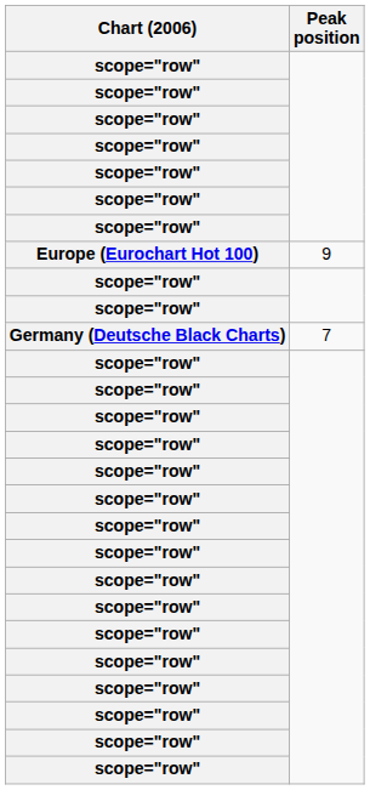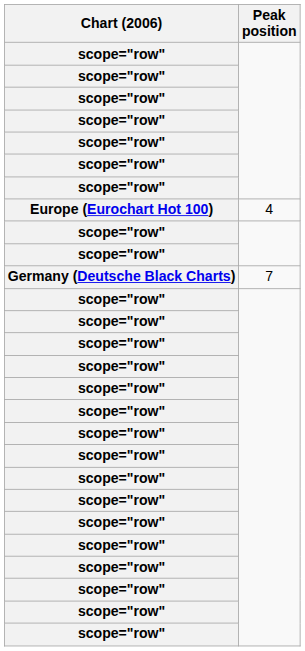 <table class="wikitable sortable plainrowheaders" style="text-align:center">
 <tr>
 <th>Chart (2006)</th>
 <th>Peak<br>position</th>
 </tr>
 <tr>
 <th>scope="row" </th>
 </tr>
 <tr>
 <th>scope="row" </th>
 </tr>
 <tr>
 <th>scope="row" </th>
 </tr>
 <tr>
 <th>scope="row" </th>
 </tr>
 <tr>
 <th>scope="row" </th>
 </tr>
 <tr>
 <th>scope="row" </th>
 </tr>
 <tr>
 <th>scope="row" </th>
 </tr>
 <tr>
 <th scope="row">Europe (<a href='#'>Eurochart Hot 100</a>)</th>
-<td>9</td>
+<td>4</td>
 </tr>
 <tr>
 <th>scope="row" </th>
 </tr>
 <tr>
 <th>scope="row" </th>
 </tr>
 <tr>
 <th scope="row">Germany (<a href='#'>Deutsche Black Charts</a>)</th>
 <td>7</td>
 </tr>
 <tr>
 <th>scope="row" </th>
 </tr>
 <tr>
 <th>scope="row" </th>
 </tr>
 <tr>
 <th>scope="row" </th>
 </tr>
 <tr>
 <th>scope="row" </th>
 </tr>
 <tr>
 <th>scope="row" </th>
 </tr>
 <tr>
 <th>scope="row" </th>
 </tr>
 <tr>
 <th>scope="row" </th>
 </tr>
 <tr>
 <th>scope="row" </th>
 </tr>
 <tr>
 <th>scope="row" </th>
 </tr>
 <tr>
 <th>scope="row" </th>
 </tr>
 <tr>
 <th>scope="row" </th>
 </tr>
 <tr>
 <th>scope="row" </th>
 </tr>
 <tr>
 <th>scope="row" </th>
 </tr>
 <tr>
 <th>scope="row" </th>
 </tr>
 <tr>
 <th>scope="row" </th>
 </tr>
 <tr>
 <th>scope="row" </th>
 </tr>
 </table>
